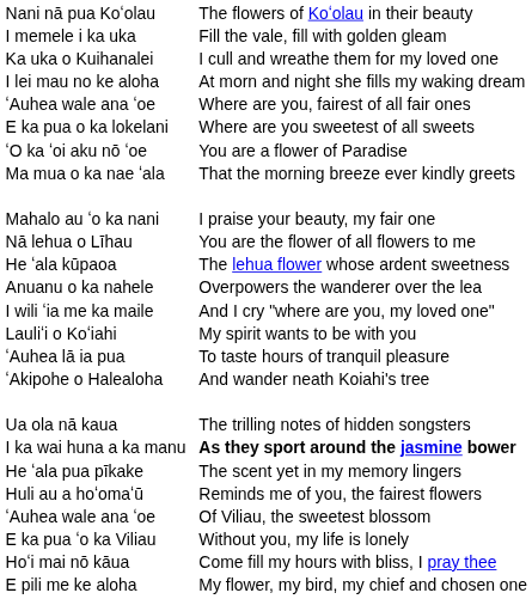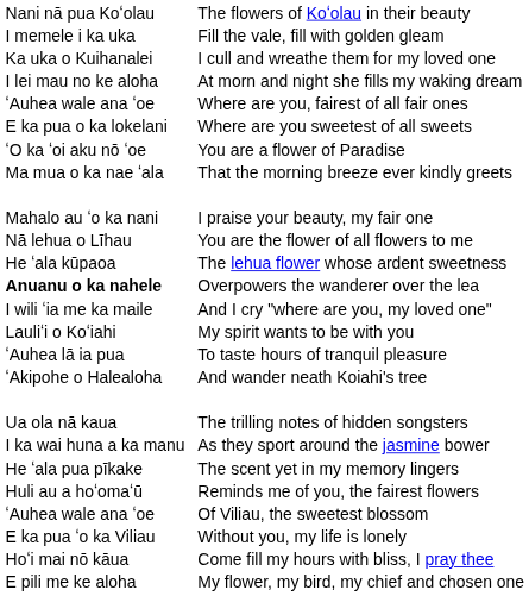 <table>
 <tr>
 <td>Nani nā pua Koʻolau</td>
 <td rowspan=99> </td>
 <td>The flowers of <a href='#'>Koʻolau</a> in their beauty</td>
 </tr>
 <tr>
 <td>I memele i ka uka</td>
 <td>Fill the vale, fill with golden gleam</td>
 </tr>
 <tr>
 <td>Ka uka o Kuihanalei</td>
 <td>I cull and wreathe them for my loved one</td>
 </tr>
 <tr>
 <td>I lei mau no ke aloha</td>
 <td>At morn and night she fills my waking dream</td>
 </tr>
 <tr>
 <td>ʻAuhea wale ana ʻoe</td>
 <td>Where are you, fairest of all fair ones</td>
 </tr>
 <tr>
 <td>E ka pua o ka lokelani</td>
 <td>Where are you sweetest of all sweets</td>
 </tr>
 <tr>
 <td>ʻO ka ʻoi aku nō ʻoe</td>
 <td>You are a flower of Paradise</td>
 </tr>
 <tr>
 <td>Ma mua o ka nae ʻala</td>
 <td>That the morning breeze ever kindly greets</td>
 </tr>
 <tr>
 <td> </td>
 <td> </td>
 </tr>
 <tr>
 <td>Mahalo au ʻo ka nani</td>
 <td>I praise your beauty, my fair one</td>
 </tr>
 <tr>
 <td>Nā lehua o Līhau</td>
 <td>You are the flower of all flowers to me</td>
 </tr>
 <tr>
 <td>He ʻala kūpaoa</td>
 <td>The <a href='#'>lehua flower</a> whose ardent sweetness</td>
 </tr>
 <tr>
-<td>Anuanu o ka nahele</td>
+<td><strong>Anuanu o ka nahele</strong></td>
 <td>Overpowers the wanderer over the lea</td>
 </tr>
 <tr>
 <td>I wili ʻia me ka maile</td>
 <td>And I cry "where are you, my loved one"</td>
 </tr>
 <tr>
 <td>Lauliʻi o Koʻiahi</td>
 <td>My spirit wants to be with you</td>
 </tr>
 <tr>
 <td>ʻAuhea lā ia pua</td>
 <td>To taste hours of tranquil pleasure</td>
 </tr>
 <tr>
 <td>ʻAkipohe o Halealoha</td>
 <td>And wander neath Koiahi's tree</td>
 </tr>
 <tr>
 <td> </td>
 <td> </td>
 </tr>
 <tr>
 <td>Ua ola nā kaua</td>
 <td>The trilling notes of hidden songsters</td>
 </tr>
 <tr>
 <td>I ka wai huna a ka manu</td>
-<td><strong>As they sport around the <a href='#'>jasmine</a> bower</strong></td>
+<td>As they sport around the <a href='#'>jasmine</a> bower</td>
 </tr>
 <tr>
 <td>He ʻala pua pīkake</td>
 <td>The scent yet in my memory lingers</td>
 </tr>
 <tr>
 <td>Huli au a hoʻomaʻū</td>
 <td>Reminds me of you, the fairest flowers</td>
 </tr>
 <tr>
 <td>ʻAuhea wale ana ʻoe</td>
 <td>Of Viliau, the sweetest blossom</td>
 </tr>
 <tr>
 <td>E ka pua ʻo ka Viliau</td>
 <td>Without you, my life is lonely</td>
 </tr>
 <tr>
 <td>Hoʻi mai nō kāua</td>
 <td>Come fill my hours with bliss, I <a href='#'>pray thee</a></td>
 </tr>
 <tr>
 <td>E pili me ke aloha</td>
 <td>My flower, my bird, my chief and chosen one</td>
 </tr>
 </table>
